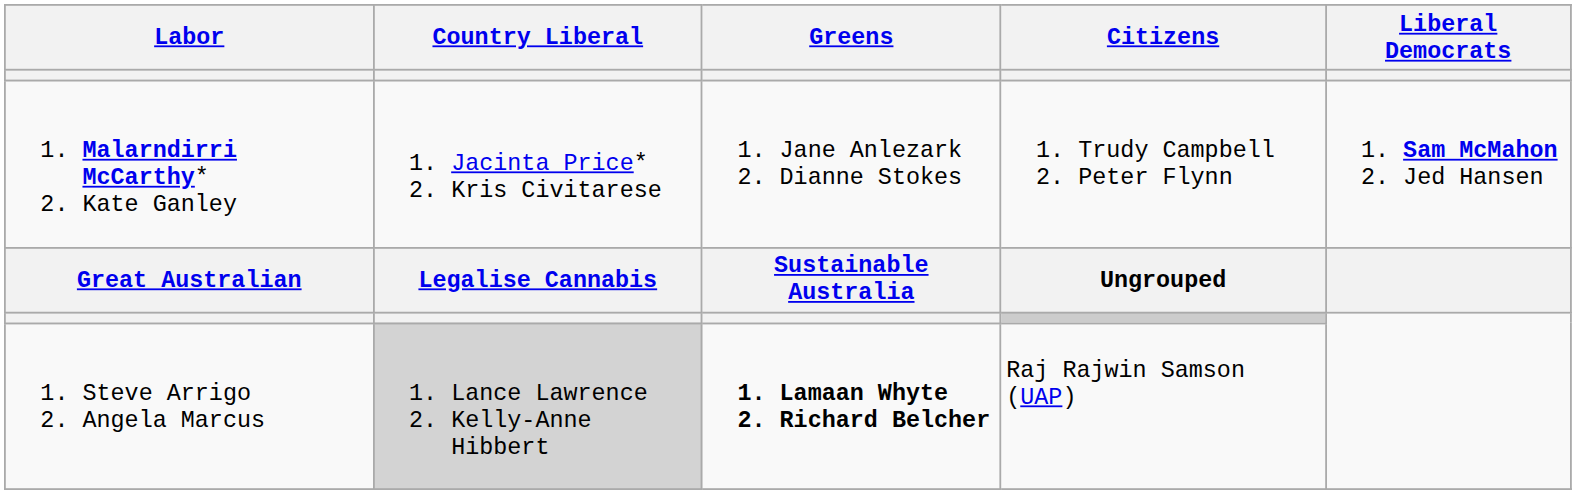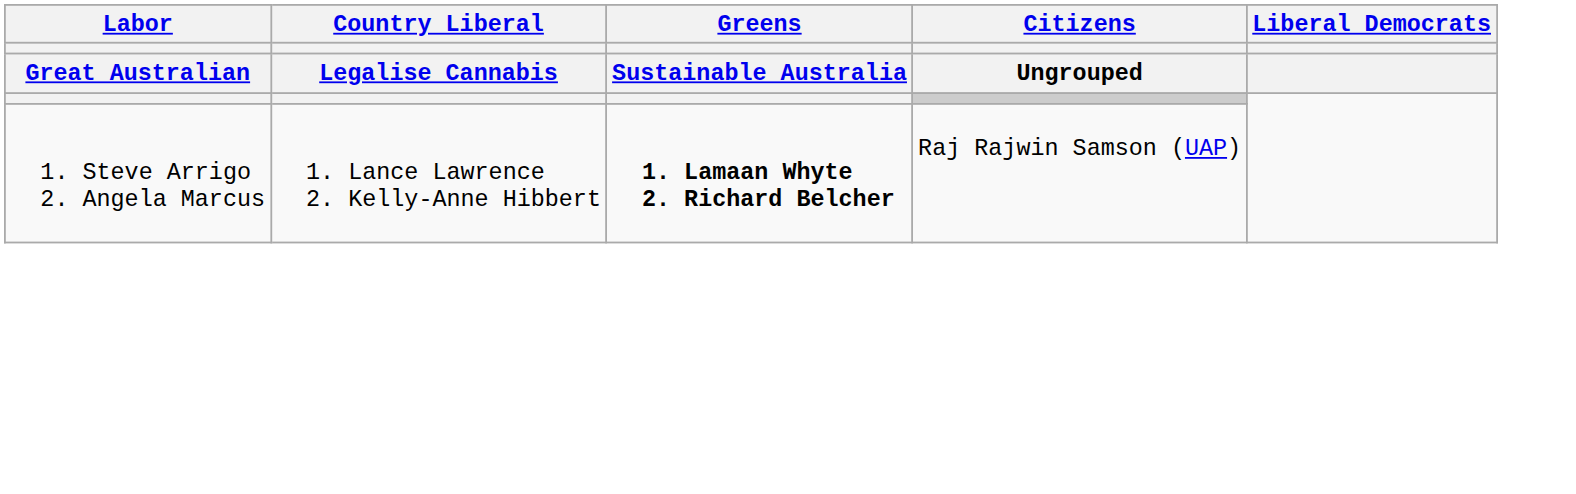 <table class=wikitable>
 <tr>
 <th><a href='#'>Labor</a></th>
 <th><a href='#'>Country Liberal</a></th>
 <th><a href='#'>Greens</a></th>
 <th><a href='#'>Citizens</a></th>
 <th><a href='#'>Liberal Democrats</a></th>
 </tr>
 <tr style=background:#ccc>
 <th></th>
 <th></th>
 <th></th>
 <th></th>
 <th></th>
 </tr>
 <tr>
-<td><br><ol><li><strong><a href='#'>Malarndirri McCarthy</a></strong>*</li><li>Kate Ganley</li></ol></td>
-<td><br><ol><li><a href='#'>Jacinta Price</a>*</li><li>Kris Civitarese</li></ol></td>
-<td valign=top><br><ol><li>Jane Anlezark</li><li>Dianne Stokes</li></ol></td>
-<td valign=top><br><ol><li>Trudy Campbell</li><li>Peter Flynn</li></ol></td>
-<td valign=top><br><ol><li><strong><a href='#'>Sam McMahon</a></strong></li><li>Jed Hansen</li></ol></td>
-</tr>
-<tr>
 <th><a href='#'>Great Australian</a></th>
 <th><a href='#'>Legalise Cannabis</a></th>
 <th><a href='#'>Sustainable Australia</a></th>
 <th>Ungrouped</th>
 <th></th>
 </tr>
 <tr style=background:#ccc>
 <th></th>
 <th></th>
 <th></th>
 <td></td>
 </tr>
 <tr>
 <td valign=top><br><ol><li>Steve Arrigo</li><li>Angela Marcus</li></ol></td>
-<td valign=top style="background: lightgrey;"><br><ol><li>Lance Lawrence</li><li>Kelly-Anne Hibbert</li></ol></td>
+<td valign=top><br><ol><li>Lance Lawrence</li><li>Kelly-Anne Hibbert</li></ol></td>
 <td valign=top><strong><br><ol><li>Lamaan Whyte</li><li>Richard Belcher</li></ol></strong></td>
 <td valign=top><br>Raj Rajwin Samson (<a href='#'>UAP</a>)</td>
 </tr>
 </table>
